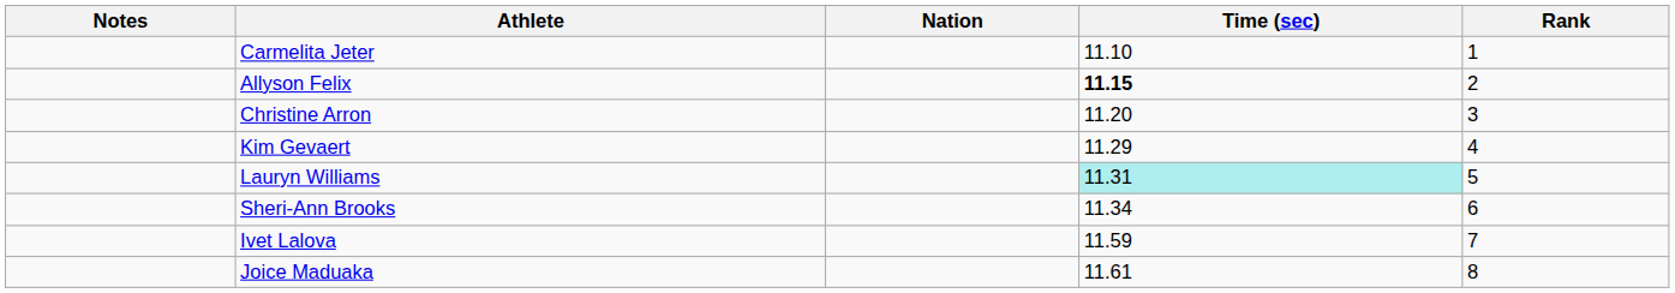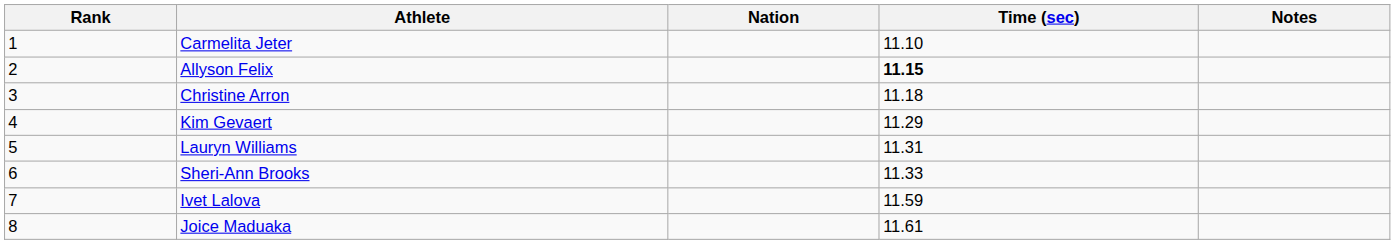 <table class="wikitable" style="text=align:center;" width=85%>
 <tr>
-<th>Notes</th>
+<th>Rank</th>
 <th>Athlete</th>
 <th>Nation</th>
 <th>Time (<a href='#'>sec</a>)</th>
-<th>Rank</th>
+<th>Notes</th>
 </tr>
 <tr>
-<td></td>
+<td>1</td>
 <td><a href='#'>Carmelita Jeter</a></td>
 <td></td>
 <td>11.10</td>
-<td>1</td>
+<td></td>
 </tr>
 <tr>
-<td></td>
+<td>2</td>
 <td><a href='#'>Allyson Felix</a></td>
 <td></td>
 <td><strong>11.15</strong></td>
-<td>2</td>
+<td></td>
 </tr>
 <tr>
-<td></td>
+<td>3</td>
 <td><a href='#'>Christine Arron</a></td>
 <td></td>
-<td>11.20</td>
-<td>3</td>
+<td>11.18</td>
+<td></td>
 </tr>
 <tr>
-<td></td>
+<td>4</td>
 <td><a href='#'>Kim Gevaert</a></td>
 <td></td>
 <td>11.29</td>
-<td>4</td>
+<td></td>
 </tr>
 <tr>
-<td></td>
+<td>5</td>
 <td><a href='#'>Lauryn Williams</a></td>
 <td></td>
-<td style="background: paleturquoise;">11.31</td>
-<td>5</td>
+<td>11.31</td>
+<td></td>
 </tr>
 <tr>
-<td></td>
+<td>6</td>
 <td><a href='#'>Sheri-Ann Brooks</a></td>
 <td></td>
-<td>11.34</td>
-<td>6</td>
+<td>11.33</td>
+<td></td>
 </tr>
 <tr>
-<td></td>
+<td>7</td>
 <td><a href='#'>Ivet Lalova</a></td>
 <td></td>
 <td>11.59</td>
-<td>7</td>
+<td></td>
 </tr>
 <tr>
-<td></td>
+<td>8</td>
 <td><a href='#'>Joice Maduaka</a></td>
 <td></td>
 <td>11.61</td>
-<td>8</td>
+<td></td>
 </tr>
 </table>
